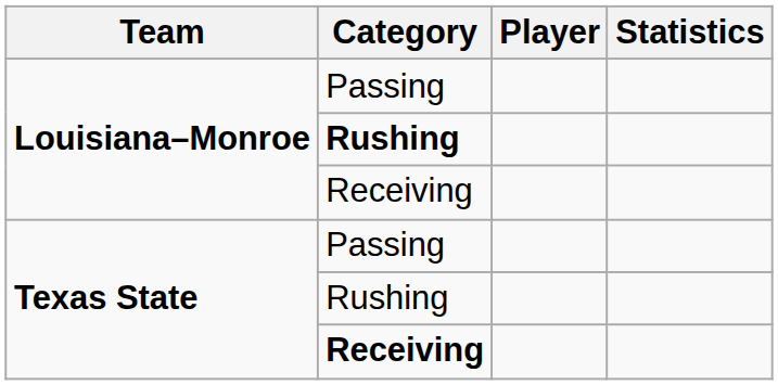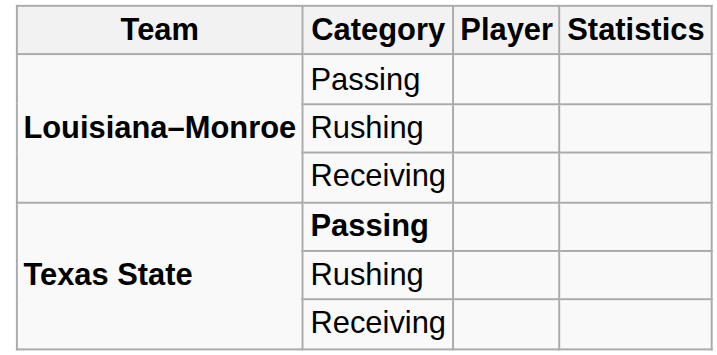 <table class="wikitable" style="float: right;">
 <tr>
 <th>Team</th>
 <th>Category</th>
 <th>Player</th>
 <th>Statistics</th>
 </tr>
 <tr>
 <td rowspan=3><strong>Louisiana–Monroe</strong></td>
 <td>Passing</td>
 <td></td>
 <td></td>
 </tr>
 <tr>
-<td><strong>Rushing</strong></td>
+<td>Rushing</td>
 <td></td>
 <td></td>
 </tr>
 <tr>
 <td>Receiving</td>
 <td></td>
 <td></td>
 </tr>
 <tr>
 <td rowspan=3><strong>Texas State</strong></td>
-<td>Passing</td>
+<td><strong>Passing</strong></td>
 <td></td>
 <td></td>
 </tr>
 <tr>
 <td>Rushing</td>
 <td></td>
 <td></td>
 </tr>
 <tr>
-<td><strong>Receiving</strong></td>
+<td>Receiving</td>
 <td></td>
 <td></td>
 </tr>
 </table>
